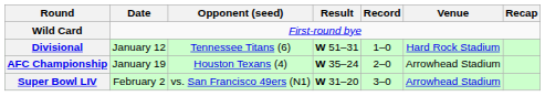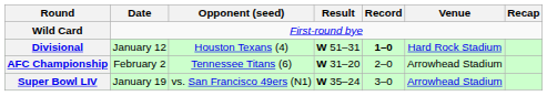 <table class="wikitable" style="text-align:center">
 <tr>
 <th>Round</th>
 <th>Date</th>
 <th>Opponent (seed)</th>
 <th>Result</th>
 <th>Record</th>
 <th>Venue</th>
 <th>Recap</th>
 </tr>
 <tr>
 <th>Wild Card</th>
 <td colspan="6"><em><a href='#'>First-round bye</a></em></td>
 </tr>
 <tr style="background:#cfc">
 <th><a href='#'>Divisional</a></th>
 <td>January 12</td>
-<td><a href='#'>Tennessee Titans</a> (6)</td>
+<td><a href='#'>Houston Texans</a> (4)</td>
 <td><strong>W</strong> 51–31</td>
-<td>1–0</td>
+<td><strong>1–0</strong></td>
 <td><a href='#'>Hard Rock Stadium</a></td>
 <td></td>
 </tr>
 <tr style="background:#cfc">
 <th><a href='#'>AFC Championship</a></th>
-<td>January 19</td>
-<td><a href='#'>Houston Texans</a> (4)</td>
-<td><strong>W</strong> 35–24</td>
+<td>February 2</td>
+<td><a href='#'>Tennessee Titans</a> (6)</td>
+<td><strong>W</strong> 31–20</td>
 <td>2–0</td>
 <td>Arrowhead Stadium</td>
 <td></td>
 </tr>
 <tr style="background:#cfc">
 <th><a href='#'>Super Bowl LIV</a></th>
-<td>February 2</td>
+<td>January 19</td>
 <td>vs. <a href='#'>San Francisco 49ers</a> (N1)</td>
-<td><strong>W</strong> 31–20</td>
+<td><strong>W</strong> 35–24</td>
 <td>3–0</td>
 <td><a href='#'>Arrowhead Stadium</a></td>
 <td></td>
 </tr>
 </table>
